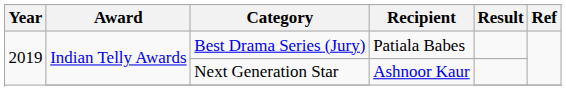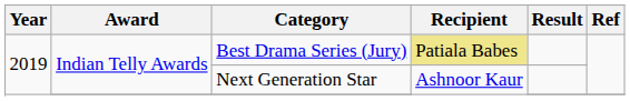 <table class="wikitable">
 <tr>
 <th>Year</th>
 <th>Award</th>
 <th>Category</th>
 <th>Recipient</th>
 <th>Result</th>
 <th>Ref</th>
 </tr>
 <tr>
 <td rowspan="4">2019</td>
 <td rowspan="2"><a href='#'>Indian Telly Awards</a></td>
 <td><a href='#'>Best Drama Series (Jury)</a></td>
-<td>Patiala Babes</td>
+<td style="background: khaki;">Patiala Babes</td>
 <td></td>
 <td rowspan="2"></td>
 </tr>
 <tr>
 <td>Next Generation Star</td>
 <td rowspan="2"><a href='#'>Ashnoor Kaur</a></td>
 <td></td>
 </tr>
 <tr>
 </tr>
 </table>
